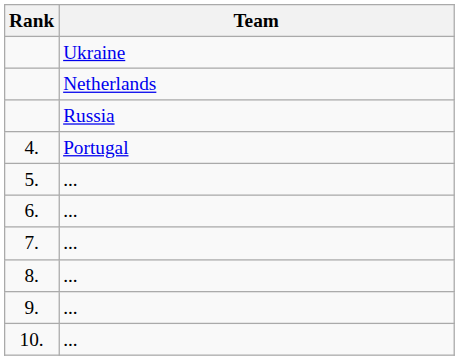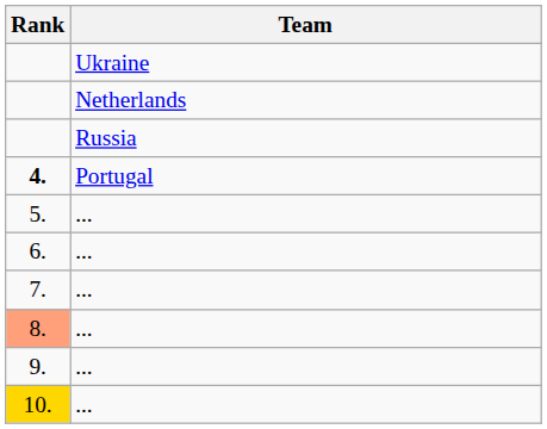 <table class="wikitable" style="font-size:95%;">
 <tr>
 <th>Rank</th>
 <th align="left" style="width: 20em">Team</th>
 </tr>
 <tr>
 <td align="center"></td>
 <td> <a href='#'>Ukraine</a></td>
 </tr>
 <tr>
 <td align="center"></td>
 <td> <a href='#'>Netherlands</a></td>
 </tr>
 <tr>
 <td align="center"></td>
 <td> <a href='#'>Russia</a></td>
 </tr>
 <tr>
-<td align="center">4.</td>
+<td align="center"><strong>4.</strong></td>
 <td> <a href='#'>Portugal</a></td>
 </tr>
 <tr>
 <td align="center">5.</td>
 <td>...</td>
 </tr>
 <tr>
 <td align="center">6.</td>
 <td>...</td>
 </tr>
 <tr>
 <td align="center">7.</td>
 <td>...</td>
 </tr>
 <tr>
-<td align="center">8.</td>
+<td align="center" style="background: lightsalmon;">8.</td>
 <td>...</td>
 </tr>
 <tr>
 <td align="center">9.</td>
 <td>...</td>
 </tr>
 <tr>
-<td align="center">10.</td>
+<td align="center" style="background: gold;">10.</td>
 <td>...</td>
 </tr>
 </table>
